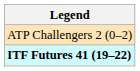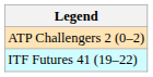 <table class=wikitable style=font-size:97%>
 <tr>
 <th>Legend</th>
 </tr>
 <tr style="background:moccasin;">
 <td>ATP Challengers 2 (0–2)</td>
 </tr>
 <tr style="background:#cffcff;">
-<td><strong>ITF Futures 41 (19–22)</strong></td>
+<td>ITF Futures 41 (19–22)</td>
 </tr>
 </table>
